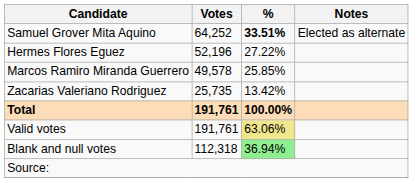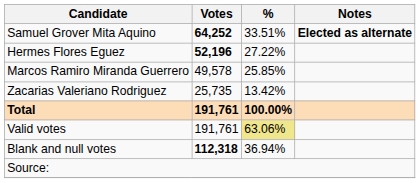 <table class=wikitable>
 <tr>
 <th>Candidate</th>
 <th>Votes</th>
 <th>%</th>
 <th>Notes</th>
 </tr>
 <tr>
 <td>Samuel Grover Mita Aquino</td>
-<td>64,252</td>
-<td><strong>33.51%</strong></td>
-<td>Elected as alternate</td>
+<td><strong>64,252</strong></td>
+<td>33.51%</td>
+<td><strong>Elected as alternate</strong></td>
 </tr>
 <tr>
 <td>Hermes Flores Eguez</td>
-<td>52,196</td>
+<td><strong>52,196</strong></td>
 <td>27.22%</td>
 <td></td>
 </tr>
 <tr>
 <td>Marcos Ramiro Miranda Guerrero</td>
 <td>49,578</td>
 <td>25.85%</td>
 <td></td>
 </tr>
 <tr>
 <td>Zacarias Valeriano Rodriguez</td>
 <td>25,735</td>
 <td>13.42%</td>
 <td></td>
 </tr>
 <tr>
 <td style="background:#FDDCB8"><strong>Total</strong></td>
 <td style="background:#FDDCB8"><strong>191,761</strong></td>
 <td style="background:#FDDCB8"><strong>100.00%</strong></td>
 <td style="background:#FDDCB8"></td>
 </tr>
 <tr>
 <td>Valid votes</td>
 <td>191,761</td>
 <td style="background: khaki;">63.06%</td>
 <td></td>
 </tr>
 <tr>
 <td>Blank and null votes</td>
-<td>112,318</td>
-<td style="background: lightgreen;">36.94%</td>
+<td><strong>112,318</strong></td>
+<td>36.94%</td>
 <td></td>
 </tr>
 <tr>
 <td colspan="4">Source: </td>
 </tr>
 <tr>
 </tr>
 </table>
